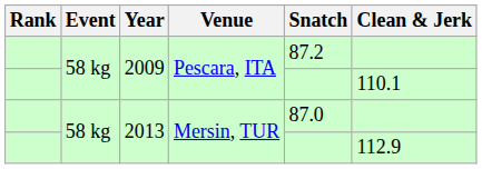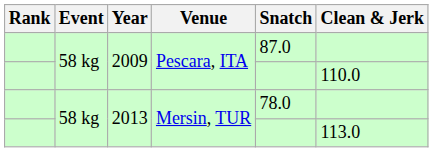 <table class="wikitable">
 <tr>
 <th>Rank</th>
 <th>Event</th>
 <th>Year</th>
 <th>Venue</th>
 <th>Snatch</th>
 <th>Clean & Jerk</th>
 </tr>
 <tr bgcolor=#CCFFCC>
 <td></td>
 <td rowspan=2>58 kg</td>
 <td rowspan=2>2009</td>
 <td rowspan=2><a href='#'>Pescara</a>, <a href='#'>ITA</a></td>
-<td>87.2</td>
+<td>87.0</td>
 <td></td>
 </tr>
 <tr bgcolor=#CCFFCC>
 <td></td>
 <td></td>
-<td>110.1</td>
+<td>110.0</td>
 </tr>
 <tr bgcolor=#CCFFCC>
 <td></td>
 <td rowspan=2>58 kg</td>
 <td rowspan=2>2013</td>
 <td rowspan=2><a href='#'>Mersin</a>, <a href='#'>TUR</a></td>
-<td>87.0</td>
+<td>78.0</td>
 <td></td>
 </tr>
 <tr bgcolor=#CCFFCC>
 <td></td>
 <td></td>
-<td>112.9</td>
+<td>113.0</td>
 </tr>
 </table>
